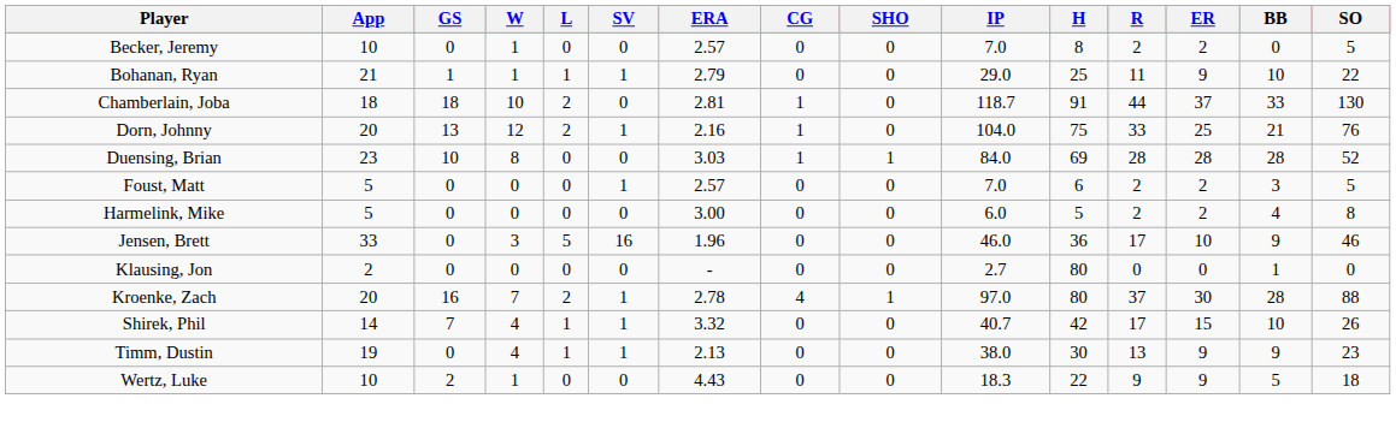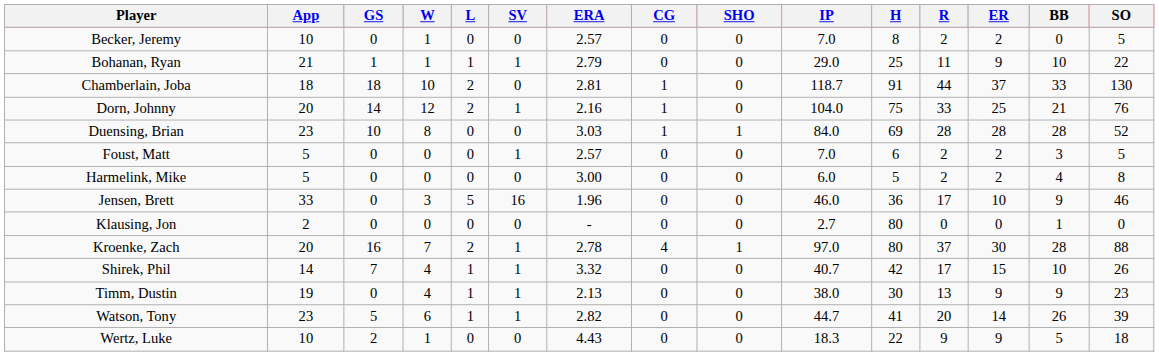 <table class="wikitable sortable" width="100%">
 <tr align="center" style="background:red;color:">
 <th>Player</th>
 <th><a href='#'>App</a></th>
 <th><a href='#'>GS</a></th>
 <th><a href='#'>W</a></th>
 <th><a href='#'>L</a></th>
 <th><a href='#'>SV</a></th>
 <th><a href='#'>ERA</a></th>
 <th><a href='#'>CG</a></th>
 <th><a href='#'>SHO</a></th>
 <th><a href='#'>IP</a></th>
 <th><a href='#'>H</a></th>
 <th><a href='#'>R</a></th>
 <th><a href='#'>ER</a></th>
 <th>BB</th>
 <th>SO</th>
 </tr>
 <tr align="center" bgcolor="">
 <td>Becker, Jeremy</td>
 <td>10</td>
 <td>0</td>
 <td>1</td>
 <td>0</td>
 <td>0</td>
 <td>2.57</td>
 <td>0</td>
 <td>0</td>
 <td>7.0</td>
 <td>8</td>
 <td>2</td>
 <td>2</td>
 <td>0</td>
 <td>5</td>
 </tr>
 <tr align="center" bgcolor="">
 <td>Bohanan, Ryan</td>
 <td>21</td>
 <td>1</td>
 <td>1</td>
 <td>1</td>
 <td>1</td>
 <td>2.79</td>
 <td>0</td>
 <td>0</td>
 <td>29.0</td>
 <td>25</td>
 <td>11</td>
 <td>9</td>
 <td>10</td>
 <td>22</td>
 </tr>
 <tr align="center" bgcolor="">
 <td>Chamberlain, Joba</td>
 <td>18</td>
 <td>18</td>
 <td>10</td>
 <td>2</td>
 <td>0</td>
 <td>2.81</td>
 <td>1</td>
 <td>0</td>
 <td>118.7</td>
 <td>91</td>
 <td>44</td>
 <td>37</td>
 <td>33</td>
 <td>130</td>
 </tr>
 <tr align="center" bgcolor="">
 <td>Dorn, Johnny</td>
 <td>20</td>
-<td>13</td>
+<td>14</td>
 <td>12</td>
 <td>2</td>
 <td>1</td>
 <td>2.16</td>
 <td>1</td>
 <td>0</td>
 <td>104.0</td>
 <td>75</td>
 <td>33</td>
 <td>25</td>
 <td>21</td>
 <td>76</td>
 </tr>
 <tr align="center" bgcolor="">
 <td>Duensing, Brian</td>
 <td>23</td>
 <td>10</td>
 <td>8</td>
 <td>0</td>
 <td>0</td>
 <td>3.03</td>
 <td>1</td>
 <td>1</td>
 <td>84.0</td>
 <td>69</td>
 <td>28</td>
 <td>28</td>
 <td>28</td>
 <td>52</td>
 </tr>
 <tr align="center" bgcolor="">
 <td>Foust, Matt</td>
 <td>5</td>
 <td>0</td>
 <td>0</td>
 <td>0</td>
 <td>1</td>
 <td>2.57</td>
 <td>0</td>
 <td>0</td>
 <td>7.0</td>
 <td>6</td>
 <td>2</td>
 <td>2</td>
 <td>3</td>
 <td>5</td>
 </tr>
 <tr align="center" bgcolor="">
 <td>Harmelink, Mike</td>
 <td>5</td>
 <td>0</td>
 <td>0</td>
 <td>0</td>
 <td>0</td>
 <td>3.00</td>
 <td>0</td>
 <td>0</td>
 <td>6.0</td>
 <td>5</td>
 <td>2</td>
 <td>2</td>
 <td>4</td>
 <td>8</td>
 </tr>
 <tr align="center" bgcolor="">
 <td>Jensen, Brett</td>
 <td>33</td>
 <td>0</td>
 <td>3</td>
 <td>5</td>
 <td>16</td>
 <td>1.96</td>
 <td>0</td>
 <td>0</td>
 <td>46.0</td>
 <td>36</td>
 <td>17</td>
 <td>10</td>
 <td>9</td>
 <td>46</td>
 </tr>
 <tr align="center" bgcolor="">
 <td>Klausing, Jon</td>
 <td>2</td>
 <td>0</td>
 <td>0</td>
 <td>0</td>
 <td>0</td>
 <td>-</td>
 <td>0</td>
 <td>0</td>
 <td>2.7</td>
 <td>80</td>
 <td>0</td>
 <td>0</td>
 <td>1</td>
 <td>0</td>
 </tr>
 <tr align="center" bgcolor="">
 <td>Kroenke, Zach</td>
 <td>20</td>
 <td>16</td>
 <td>7</td>
 <td>2</td>
 <td>1</td>
 <td>2.78</td>
 <td>4</td>
 <td>1</td>
 <td>97.0</td>
 <td>80</td>
 <td>37</td>
 <td>30</td>
 <td>28</td>
 <td>88</td>
 </tr>
 <tr align="center" bgcolor="">
 <td>Shirek, Phil</td>
 <td>14</td>
 <td>7</td>
 <td>4</td>
 <td>1</td>
 <td>1</td>
 <td>3.32</td>
 <td>0</td>
 <td>0</td>
 <td>40.7</td>
 <td>42</td>
 <td>17</td>
 <td>15</td>
 <td>10</td>
 <td>26</td>
 </tr>
 <tr align="center" bgcolor="">
 <td>Timm, Dustin</td>
 <td>19</td>
 <td>0</td>
 <td>4</td>
 <td>1</td>
 <td>1</td>
 <td>2.13</td>
 <td>0</td>
 <td>0</td>
 <td>38.0</td>
 <td>30</td>
 <td>13</td>
 <td>9</td>
 <td>9</td>
 <td>23</td>
 </tr>
 <tr align="center" bgcolor="">
+<td>Watson, Tony</td>
+<td>23</td>
+<td>5</td>
+<td>6</td>
+<td>1</td>
+<td>1</td>
+<td>2.82</td>
+<td>0</td>
+<td>0</td>
+<td>44.7</td>
+<td>41</td>
+<td>20</td>
+<td>14</td>
+<td>26</td>
+<td>39</td>
+</tr>
+<tr align="center" bgcolor="">
 <td>Wertz, Luke</td>
 <td>10</td>
 <td>2</td>
 <td>1</td>
 <td>0</td>
 <td>0</td>
 <td>4.43</td>
 <td>0</td>
 <td>0</td>
 <td>18.3</td>
 <td>22</td>
 <td>9</td>
 <td>9</td>
 <td>5</td>
 <td>18</td>
 </tr>
 </table>
